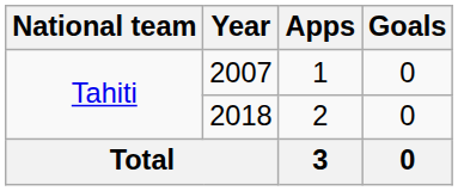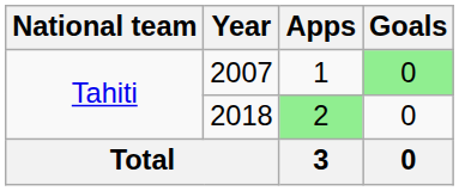 <table class="wikitable" style="text-align:center">
 <tr>
 <th>National team</th>
 <th>Year</th>
 <th>Apps</th>
 <th>Goals</th>
 </tr>
 <tr>
 <td rowspan="2"><a href='#'>Tahiti</a></td>
 <td>2007</td>
 <td>1</td>
-<td>0</td>
+<td style="background: lightgreen;">0</td>
 </tr>
 <tr>
 <td>2018</td>
-<td>2</td>
+<td style="background: lightgreen;">2</td>
 <td>0</td>
 </tr>
 <tr>
 <th colspan=2>Total</th>
 <th>3</th>
 <th>0</th>
 </tr>
 </table>
